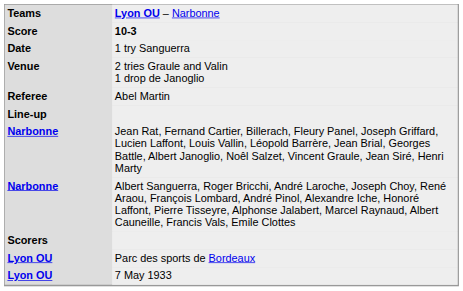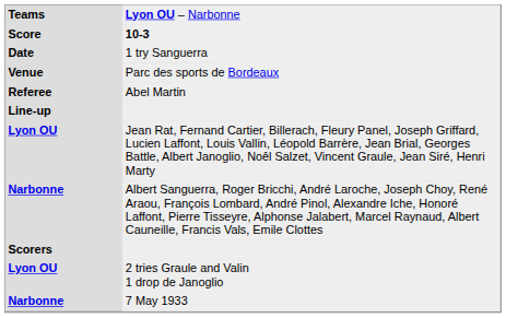 <table align="left" cellpadding="4" cellspacing="0" style="margin: 0 0 0 0; border: 1px solid #999; border-right-width: 2px; border-bottom-width: 2px; background-color: #DDDDDD">
 <tr>
 <td width="150" valign="top"><strong>Teams</strong></td>
 <td width="500" bgcolor=#EEEEEE><strong><a href='#'>Lyon OU</a></strong> – <a href='#'>Narbonne</a></td>
 </tr>
 <tr>
 <td valign="top"><strong>Score</strong></td>
 <td bgcolor=#EEEEEE><strong>10-3</strong></td>
 </tr>
 <tr>
 <td valign="top"><strong>Date</strong></td>
 <td bgcolor=#EEEEEE>1 try Sanguerra</td>
 </tr>
 <tr>
 <td valign="top"><strong>Venue</strong></td>
-<td bgcolor=#EEEEEE>2 tries Graule and Valin<br>1 drop de Janoglio</td>
+<td bgcolor=#EEEEEE>Parc des sports de <a href='#'>Bordeaux</a></td>
 </tr>
 <tr>
 <td valign="top"><strong>Referee</strong></td>
 <td bgcolor=#EEEEEE>Abel Martin</td>
 </tr>
 <tr>
 <td valign="top"><strong>Line-up</strong></td>
 <td bgcolor=#EEEEEE></td>
 </tr>
 <tr>
-<td valign="top"><strong><a href='#'>Narbonne</a> </strong></td>
+<td valign="top"><strong><a href='#'>Lyon OU</a> </strong></td>
 <td bgcolor=#EEEEEE>Jean Rat, Fernand Cartier, Billerach, Fleury Panel, Joseph Griffard, Lucien Laffont, Louis Vallin, Léopold Barrère, Jean Brial, Georges Battle, Albert Janoglio, Noêl Salzet, Vincent Graule, Jean Siré, Henri Marty</td>
 </tr>
 <tr>
 <td valign="top"><strong><a href='#'>Narbonne</a> </strong></td>
 <td bgcolor=#EEEEEE>Albert Sanguerra, Roger Bricchi, André Laroche, Joseph Choy, René Araou, François Lombard, André Pinol, Alexandre Iche, Honoré Laffont, Pierre Tisseyre, Alphonse Jalabert, Marcel Raynaud, Albert Cauneille, Francis Vals, Emile Clottes</td>
 </tr>
 <tr>
 <td valign="top"><strong>Scorers</strong></td>
 <td bgcolor=#EEEEEE></td>
 </tr>
 <tr>
 <td valign="top"><strong><a href='#'>Lyon OU</a> </strong></td>
-<td bgcolor=#EEEEEE>Parc des sports de <a href='#'>Bordeaux</a></td>
+<td bgcolor=#EEEEEE>2 tries Graule and Valin<br>1 drop de Janoglio</td>
 </tr>
 <tr>
-<td valign="top"><strong><a href='#'>Lyon OU</a> </strong></td>
+<td valign="top"><strong><a href='#'>Narbonne</a> </strong></td>
 <td bgcolor=#EEEEEE>7 May 1933</td>
 </tr>
 </table>
